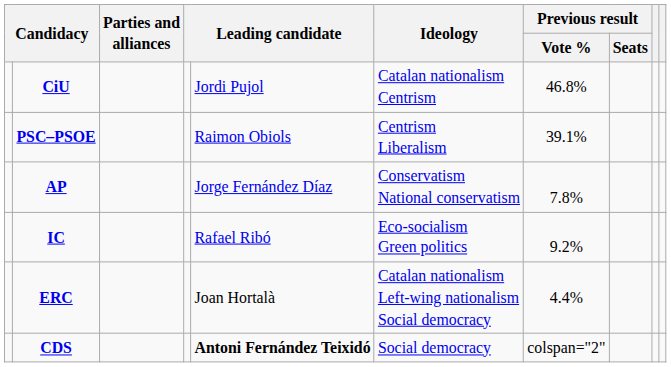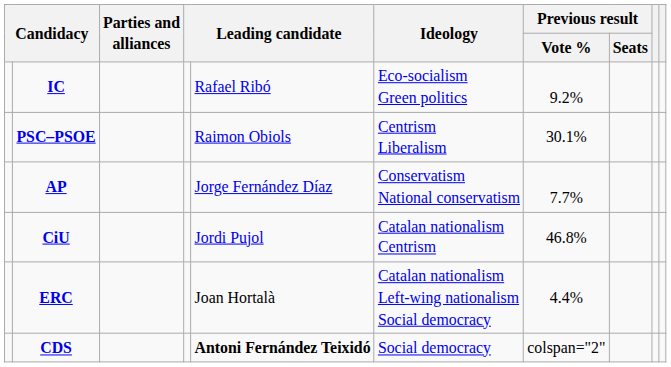 <table class="wikitable" style="line-height:1.35em; text-align:left;">
 <tr>
 <th colspan="2" rowspan="2">Candidacy</th>
 <th rowspan="2">Parties and<br>alliances</th>
 <th colspan="2" rowspan="2">Leading candidate</th>
 <th rowspan="2">Ideology</th>
 <th colspan="2">Previous result</th>
 <th rowspan="2"></th>
 <th rowspan="2"></th>
 </tr>
 <tr>
 <th>Vote %</th>
 <th>Seats</th>
 </tr>
 <tr>
-<td width="1" style="color:inherit;background:"></td>
-<td align="center"><strong><a href='#'>CiU</a></strong></td>
+<td style="color:inherit;background:"></td>
+<td align="center"><strong><a href='#'>IC</a></strong></td>
 <td></td>
 <td></td>
-<td><a href='#'>Jordi Pujol</a></td>
-<td><a href='#'>Catalan nationalism</a><br><a href='#'>Centrism</a></td>
-<td align="center">46.8%</td>
+<td><a href='#'>Rafael Ribó</a></td>
+<td><a href='#'>Eco-socialism</a><br><a href='#'>Green politics</a></td>
+<td align="center"><br>9.2%<br></td>
 <td></td>
 <td></td>
 <td></td>
 </tr>
 <tr>
 <td style="color:inherit;background:"></td>
 <td align="center"><strong><a href='#'>PSC–PSOE</a></strong></td>
 <td></td>
 <td></td>
 <td><a href='#'>Raimon Obiols</a></td>
 <td><a href='#'>Centrism</a><br><a href='#'>Liberalism</a></td>
-<td align="center">39.1%</td>
+<td align="center">30.1%</td>
 <td></td>
 <td></td>
 <td></td>
 </tr>
 <tr>
 <td style="color:inherit;background:"></td>
 <td align="center"><strong><a href='#'>AP</a></strong></td>
 <td></td>
 <td></td>
 <td><a href='#'>Jorge Fernández Díaz</a></td>
 <td><a href='#'>Conservatism</a><br><a href='#'>National conservatism</a></td>
-<td align="center"><br>7.8%<br></td>
+<td align="center"><br>7.7%<br></td>
 <td></td>
 <td></td>
 <td></td>
 </tr>
 <tr>
-<td style="color:inherit;background:"></td>
-<td align="center"><strong><a href='#'>IC</a></strong></td>
+<td width="1" style="color:inherit;background:"></td>
+<td align="center"><strong><a href='#'>CiU</a></strong></td>
 <td></td>
 <td></td>
-<td><a href='#'>Rafael Ribó</a></td>
-<td><a href='#'>Eco-socialism</a><br><a href='#'>Green politics</a></td>
-<td align="center"><br>9.2%<br></td>
+<td><a href='#'>Jordi Pujol</a></td>
+<td><a href='#'>Catalan nationalism</a><br><a href='#'>Centrism</a></td>
+<td align="center">46.8%</td>
 <td></td>
 <td></td>
 <td></td>
 </tr>
 <tr>
 <td style="color:inherit;background:"></td>
 <td align="center"><strong><a href='#'>ERC</a></strong></td>
 <td></td>
 <td></td>
 <td>Joan Hortalà</td>
 <td><a href='#'>Catalan nationalism</a><br><a href='#'>Left-wing nationalism</a><br><a href='#'>Social democracy</a></td>
 <td align="center">4.4%</td>
 <td></td>
 <td></td>
 <td></td>
 </tr>
 <tr>
 <td style="color:inherit;background:"></td>
 <td align="center"><strong><a href='#'>CDS</a></strong></td>
 <td></td>
 <td></td>
 <td><strong>Antoni Fernández Teixidó</strong></td>
 <td><a href='#'>Social democracy</a></td>
 <td>colspan="2" </td>
 <td></td>
 <td></td>
 </tr>
 </table>
